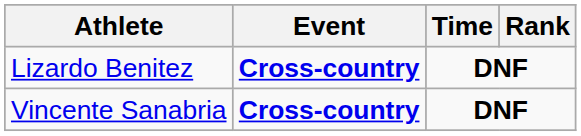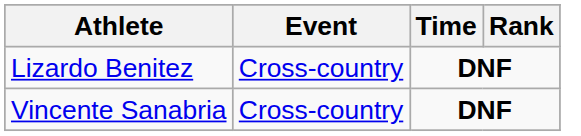 <table class=wikitable style="font-size:95%">
 <tr>
 <th>Athlete</th>
 <th>Event</th>
 <th>Time</th>
 <th>Rank</th>
 </tr>
 <tr>
 <td><a href='#'>Lizardo Benitez</a></td>
-<td align=center><strong><a href='#'>Cross-country</a></strong></td>
+<td align=center><a href='#'>Cross-country</a></td>
 <td align=center colspan=2><strong>DNF</strong></td>
 </tr>
 <tr>
 <td><a href='#'>Vincente Sanabria</a></td>
-<td align=center><strong><a href='#'>Cross-country</a></strong></td>
+<td align=center><a href='#'>Cross-country</a></td>
 <td align=center colspan=2><strong>DNF</strong></td>
 </tr>
 </table>
